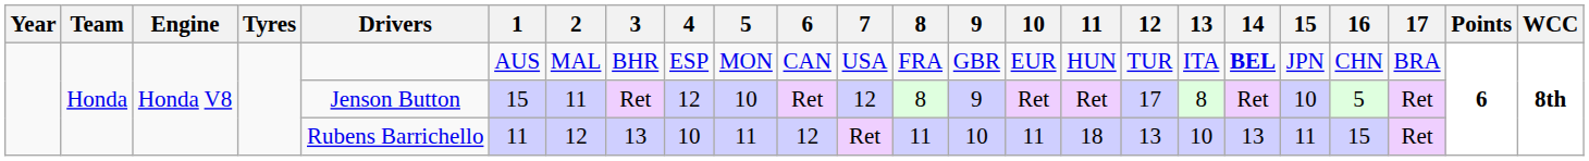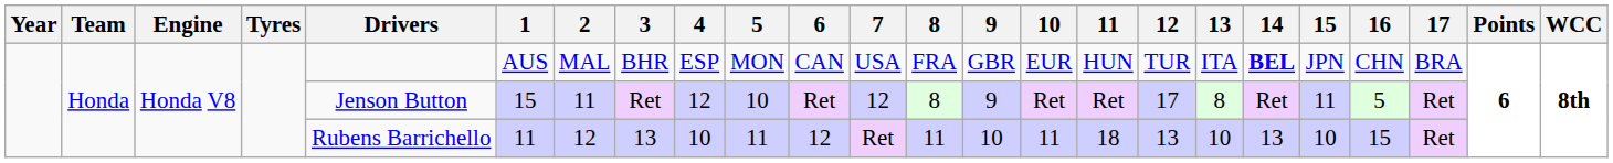 <table class="wikitable" style="text-align:center; font-size:95%">
 <tr>
 <th>Year</th>
 <th>Team</th>
 <th>Engine</th>
 <th>Tyres</th>
 <th>Drivers</th>
 <th>1</th>
 <th>2</th>
 <th>3</th>
 <th>4</th>
 <th>5</th>
 <th>6</th>
 <th>7</th>
 <th>8</th>
 <th>9</th>
 <th>10</th>
 <th>11</th>
 <th>12</th>
 <th>13</th>
 <th>14</th>
 <th>15</th>
 <th>16</th>
 <th>17</th>
 <th>Points</th>
 <th>WCC</th>
 </tr>
 <tr>
 <td rowspan="3"></td>
 <td rowspan="3"><a href='#'>Honda</a></td>
 <td rowspan="3"><a href='#'>Honda</a> <a href='#'>V8</a></td>
 <td rowspan="3"></td>
 <td></td>
 <td><a href='#'>AUS</a></td>
 <td><a href='#'>MAL</a></td>
 <td><a href='#'>BHR</a></td>
 <td><a href='#'>ESP</a></td>
 <td><a href='#'>MON</a></td>
 <td><a href='#'>CAN</a></td>
 <td><a href='#'>USA</a></td>
 <td><a href='#'>FRA</a></td>
 <td><a href='#'>GBR</a></td>
 <td><a href='#'>EUR</a></td>
 <td><a href='#'>HUN</a></td>
 <td><a href='#'>TUR</a></td>
 <td><a href='#'>ITA</a></td>
 <td><strong><a href='#'>BEL</a></strong></td>
 <td><a href='#'>JPN</a></td>
 <td><a href='#'>CHN</a></td>
 <td><a href='#'>BRA</a></td>
 <td rowspan="3" style="background:#ffffff;"><strong>6</strong></td>
 <td rowspan="3" style="background:#ffffff;"><strong>8th</strong></td>
 </tr>
 <tr>
 <td> <a href='#'>Jenson Button</a></td>
 <td style="background:#CFCFFF;">15</td>
 <td style="background:#CFCFFF;">11</td>
 <td style="background:#EFCFFF;">Ret</td>
 <td style="background:#CFCFFF;">12</td>
 <td style="background:#CFCFFF;">10</td>
 <td style="background:#EFCFFF;">Ret</td>
 <td style="background:#CFCFFF;">12</td>
 <td style="background:#DFFFDF;">8</td>
 <td style="background:#CFCFFF;">9</td>
 <td style="background:#EFCFFF;">Ret</td>
 <td style="background:#EFCFFF;">Ret</td>
 <td style="background:#CFCFFF;">17</td>
 <td style="background:#DFFFDF;">8</td>
 <td style="background:#EFCFFF;">Ret</td>
-<td style="background:#CFCFFF;">10</td>
+<td style="background:#CFCFFF;">11</td>
 <td style="background:#DFFFDF;">5</td>
 <td style="background:#EFCFFF;">Ret</td>
 </tr>
 <tr>
 <td> <a href='#'>Rubens Barrichello</a></td>
 <td style="background:#CFCFFF;">11</td>
 <td style="background:#CFCFFF;">12</td>
 <td style="background:#CFCFFF;">13</td>
 <td style="background:#CFCFFF;">10</td>
 <td style="background:#CFCFFF;">11</td>
 <td style="background:#CFCFFF;">12</td>
 <td style="background:#EFCFFF;">Ret</td>
 <td style="background:#CFCFFF;">11</td>
 <td style="background:#CFCFFF;">10</td>
 <td style="background:#CFCFFF;">11</td>
 <td style="background:#CFCFFF;">18</td>
 <td style="background:#CFCFFF;">13</td>
 <td style="background:#CFCFFF;">10</td>
 <td style="background:#CFCFFF;">13</td>
-<td style="background:#CFCFFF;">11</td>
+<td style="background:#CFCFFF;">10</td>
 <td style="background:#CFCFFF;">15</td>
 <td style="background:#EFCFFF;">Ret</td>
 </tr>
 </table>
